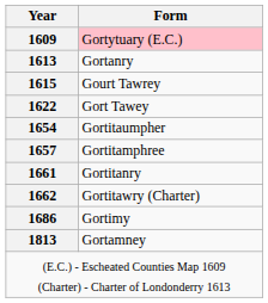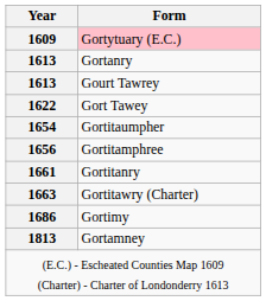 <table class="wikitable" style="margin:0 0 0 3em; border:1px solid darkgrey;">
 <tr>
 <th style="width:75px;">Year</th>
 <th style="width:200px;">Form</th>
 </tr>
 <tr>
 <th>1609</th>
 <td style="background: pink;">Gortytuary (E.C.)</td>
 </tr>
 <tr>
 <th>1613</th>
 <td>Gortanry</td>
 </tr>
 <tr>
-<th>1615</th>
+<th>1613</th>
 <td>Gourt Tawrey</td>
 </tr>
 <tr>
 <th>1622</th>
 <td>Gort Tawey</td>
 </tr>
 <tr>
 <th>1654</th>
 <td>Gortitaumpher</td>
 </tr>
 <tr>
-<th>1657</th>
+<th>1656</th>
 <td>Gortitamphree</td>
 </tr>
 <tr>
 <th>1661</th>
 <td>Gortitanry</td>
 </tr>
 <tr>
-<th>1662</th>
+<th>1663</th>
 <td>Gortitawry (Charter)</td>
 </tr>
 <tr>
 <th>1686</th>
 <td>Gortimy</td>
 </tr>
 <tr>
 <th>1813</th>
 <td>Gortamney</td>
 </tr>
 <tr>
 <td colspan="2" align="center"><sub>(E.C.) - Escheated Counties Map 1609<br>(Charter) - Charter of Londonderry 1613</sub></td>
 </tr>
 </table>
